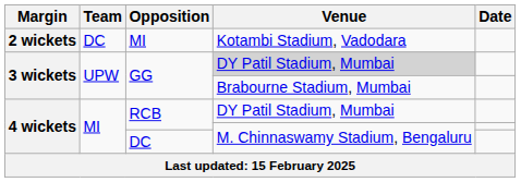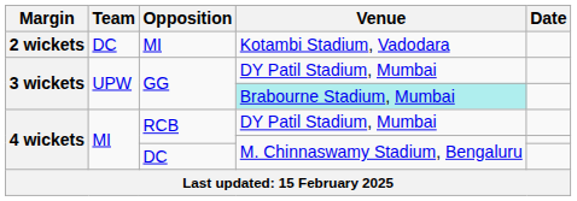 <table class="wikitable sortable" style="text-align:left;font-size:93%;">
 <tr>
 <th>Margin</th>
 <th>Team</th>
 <th>Opposition</th>
 <th>Venue</th>
 <th>Date</th>
 </tr>
 <tr>
 <th>2 wickets</th>
 <td><a href='#'>DC</a></td>
 <td><a href='#'>MI</a></td>
 <td><a href='#'>Kotambi Stadium</a>, <a href='#'>Vadodara</a></td>
 <td></td>
 </tr>
 <tr>
 <th rowspan="2">3 wickets</th>
 <td rowspan="2"><a href='#'>UPW</a></td>
 <td rowspan="2"><a href='#'>GG</a></td>
-<td style="background: lightgrey;"><a href='#'>DY Patil Stadium</a>, <a href='#'>Mumbai</a></td>
+<td><a href='#'>DY Patil Stadium</a>, <a href='#'>Mumbai</a></td>
 <td></td>
 </tr>
 <tr>
-<td><a href='#'>Brabourne Stadium</a>, <a href='#'>Mumbai</a></td>
+<td style="background: paleturquoise;"><a href='#'>Brabourne Stadium</a>, <a href='#'>Mumbai</a></td>
 <td></td>
 </tr>
 <tr>
 <th rowspan="3">4 wickets</th>
 <td rowspan="3"><a href='#'>MI</a></td>
 <td rowspan="2"><a href='#'>RCB</a></td>
 <td><a href='#'>DY Patil Stadium</a>, <a href='#'>Mumbai</a></td>
 <td></td>
 </tr>
 <tr>
 <td rowspan="2"><a href='#'>M. Chinnaswamy Stadium</a>, <a href='#'>Bengaluru</a></td>
 <td></td>
 </tr>
 <tr>
 <td><a href='#'>DC</a></td>
 <td></td>
 </tr>
 <tr class="sortbottom">
 <th colspan="5"><small>Last updated: 15 February 2025</small></th>
 </tr>
 </table>
